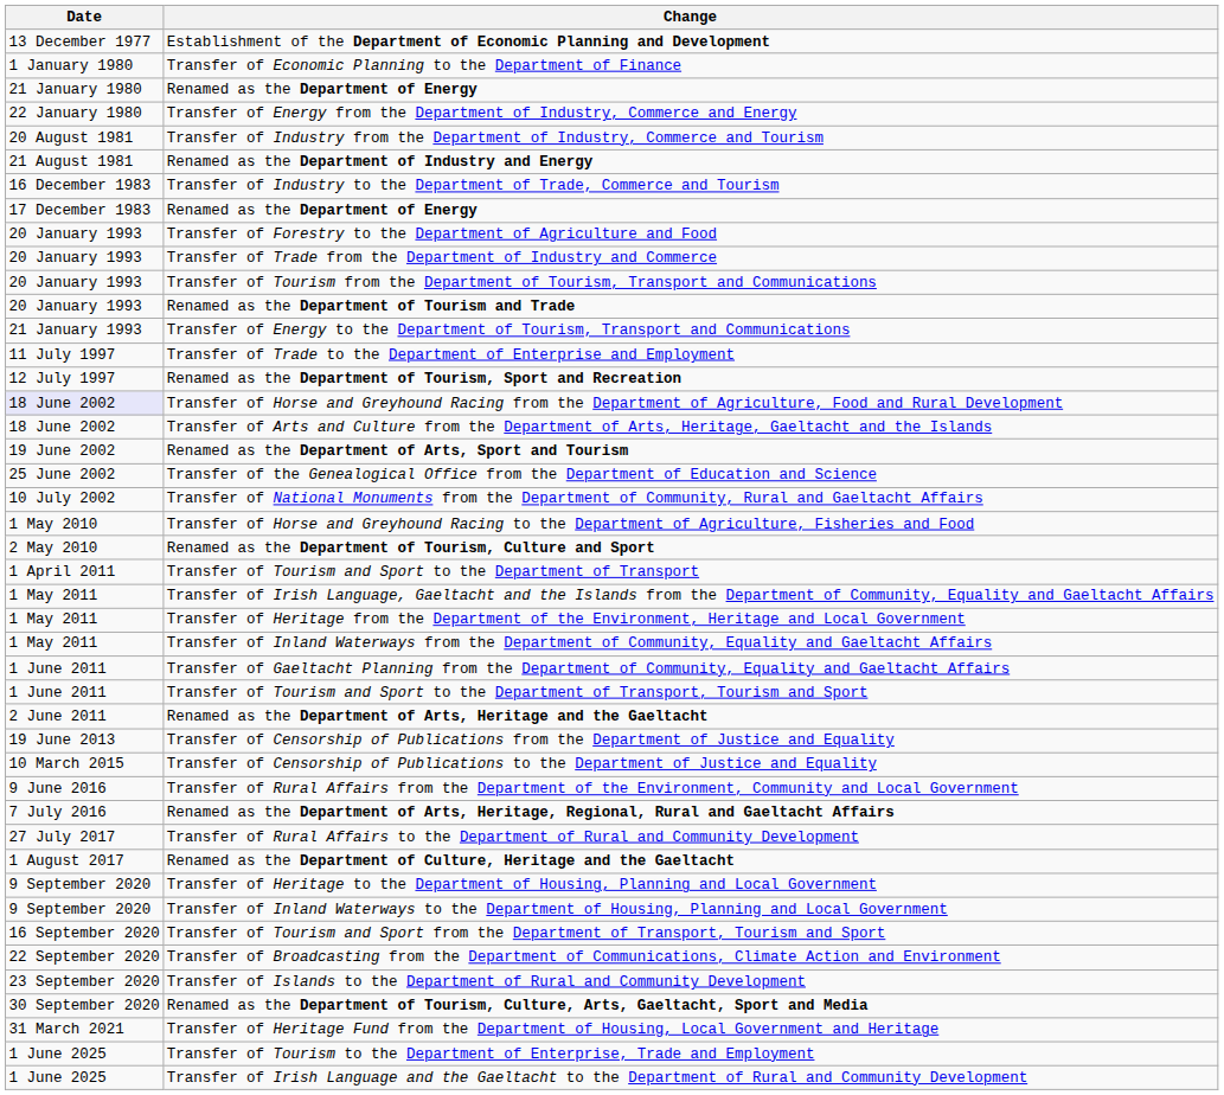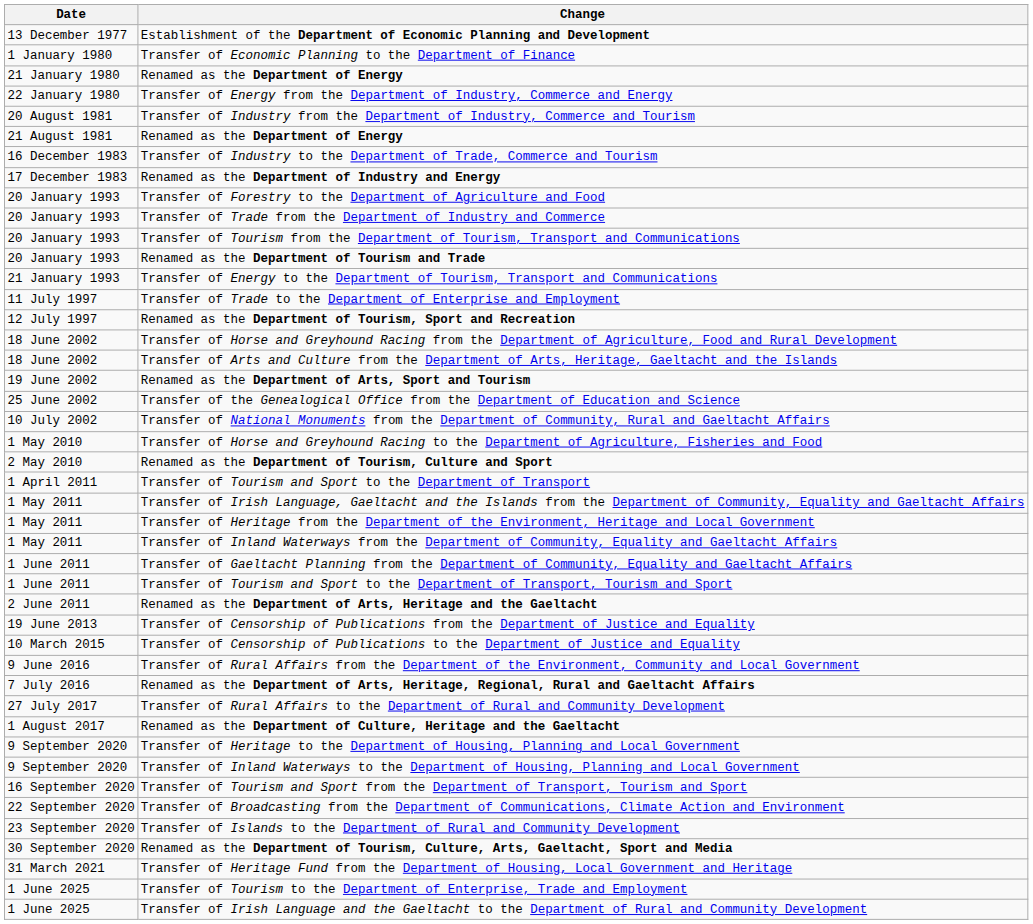 <table class="wikitable">
 <tr>
 <th>Date</th>
 <th>Change</th>
 </tr>
 <tr>
 <td>13 December 1977</td>
 <td>Establishment of the <strong>Department of Economic Planning and Development</strong></td>
 </tr>
 <tr>
 <td>1 January 1980</td>
 <td>Transfer of <em>Economic Planning</em> to the <a href='#'>Department of Finance</a></td>
 </tr>
 <tr>
 <td>21 January 1980</td>
 <td>Renamed as the <strong>Department of Energy</strong></td>
 </tr>
 <tr>
 <td>22 January 1980</td>
 <td>Transfer of <em>Energy</em> from the <a href='#'>Department of Industry, Commerce and Energy</a></td>
 </tr>
 <tr>
 <td>20 August 1981</td>
 <td>Transfer of <em>Industry</em> from the <a href='#'>Department of Industry, Commerce and Tourism</a></td>
 </tr>
 <tr>
 <td>21 August 1981</td>
-<td>Renamed as the <strong>Department of Industry and Energy</strong></td>
+<td>Renamed as the <strong>Department of Energy</strong></td>
 </tr>
 <tr>
 <td>16 December 1983</td>
 <td>Transfer of <em>Industry</em> to the <a href='#'>Department of Trade, Commerce and Tourism</a></td>
 </tr>
 <tr>
 <td>17 December 1983</td>
-<td>Renamed as the <strong>Department of Energy</strong></td>
+<td>Renamed as the <strong>Department of Industry and Energy</strong></td>
 </tr>
 <tr>
 <td>20 January 1993</td>
 <td>Transfer of <em>Forestry</em> to the <a href='#'>Department of Agriculture and Food</a></td>
 </tr>
 <tr>
 <td>20 January 1993</td>
 <td>Transfer of <em>Trade</em> from the <a href='#'>Department of Industry and Commerce</a></td>
 </tr>
 <tr>
 <td>20 January 1993</td>
 <td>Transfer of <em>Tourism</em> from the <a href='#'>Department of Tourism, Transport and Communications</a></td>
 </tr>
 <tr>
 <td>20 January 1993</td>
 <td>Renamed as the <strong>Department of Tourism and Trade</strong></td>
 </tr>
 <tr>
 <td>21 January 1993</td>
 <td>Transfer of <em>Energy</em> to the <a href='#'>Department of Tourism, Transport and Communications</a></td>
 </tr>
 <tr>
 <td>11 July 1997</td>
 <td>Transfer of <em>Trade</em> to the <a href='#'>Department of Enterprise and Employment</a></td>
 </tr>
 <tr>
 <td>12 July 1997</td>
 <td>Renamed as the <strong>Department of Tourism, Sport and Recreation</strong></td>
 </tr>
 <tr>
-<td style="background: lavender;">18 June 2002</td>
+<td>18 June 2002</td>
 <td>Transfer of <em>Horse and Greyhound Racing</em> from the <a href='#'>Department of Agriculture, Food and Rural Development</a></td>
 </tr>
 <tr>
 <td>18 June 2002</td>
 <td>Transfer of <em>Arts and Culture</em> from the <a href='#'>Department of Arts, Heritage, Gaeltacht and the Islands</a></td>
 </tr>
 <tr>
 <td>19 June 2002</td>
 <td>Renamed as the <strong>Department of Arts, Sport and Tourism</strong></td>
 </tr>
 <tr>
 <td>25 June 2002</td>
 <td>Transfer of the <em>Genealogical Office</em> from the <a href='#'>Department of Education and Science</a></td>
 </tr>
 <tr>
 <td>10 July 2002</td>
 <td>Transfer of <em><a href='#'>National Monuments</a></em> from the <a href='#'>Department of Community, Rural and Gaeltacht Affairs</a></td>
 </tr>
 <tr>
 <td>1 May 2010</td>
 <td>Transfer of <em>Horse and Greyhound Racing</em> to the <a href='#'>Department of Agriculture, Fisheries and Food</a></td>
 </tr>
 <tr>
 <td>2 May 2010</td>
 <td>Renamed as the <strong>Department of Tourism, Culture and Sport</strong></td>
 </tr>
 <tr>
 <td>1 April 2011</td>
 <td>Transfer of <em>Tourism and Sport</em> to the <a href='#'>Department of Transport</a></td>
 </tr>
 <tr>
 <td>1 May 2011</td>
 <td>Transfer of <em>Irish Language, Gaeltacht and the Islands</em> from the <a href='#'>Department of Community, Equality and Gaeltacht Affairs</a></td>
 </tr>
 <tr>
 <td>1 May 2011</td>
 <td>Transfer of <em>Heritage</em> from the <a href='#'>Department of the Environment, Heritage and Local Government</a></td>
 </tr>
 <tr>
 <td>1 May 2011</td>
 <td>Transfer of <em>Inland Waterways</em> from the <a href='#'>Department of Community, Equality and Gaeltacht Affairs</a></td>
 </tr>
 <tr>
 <td>1 June 2011</td>
 <td>Transfer of <em>Gaeltacht Planning</em> from the <a href='#'>Department of Community, Equality and Gaeltacht Affairs</a></td>
 </tr>
 <tr>
 <td>1 June 2011</td>
 <td>Transfer of <em>Tourism and Sport</em> to the <a href='#'>Department of Transport, Tourism and Sport</a></td>
 </tr>
 <tr>
 <td>2 June 2011</td>
 <td>Renamed as the <strong>Department of Arts, Heritage and the Gaeltacht</strong></td>
 </tr>
 <tr>
 <td>19 June 2013</td>
 <td>Transfer of <em>Censorship of Publications</em> from the <a href='#'>Department of Justice and Equality</a></td>
 </tr>
 <tr>
 <td>10 March 2015</td>
 <td>Transfer of <em>Censorship of Publications</em> to the <a href='#'>Department of Justice and Equality</a></td>
 </tr>
 <tr>
 <td>9 June 2016</td>
 <td>Transfer of <em>Rural Affairs</em> from the <a href='#'>Department of the Environment, Community and Local Government</a></td>
 </tr>
 <tr>
 <td>7 July 2016</td>
 <td>Renamed as the <strong>Department of Arts, Heritage, Regional, Rural and Gaeltacht Affairs</strong></td>
 </tr>
 <tr>
 <td>27 July 2017</td>
 <td>Transfer of <em>Rural Affairs</em> to the <a href='#'>Department of Rural and Community Development</a></td>
 </tr>
 <tr>
 <td>1 August 2017</td>
 <td>Renamed as the <strong>Department of Culture, Heritage and the Gaeltacht</strong></td>
 </tr>
 <tr>
 <td>9 September 2020</td>
 <td>Transfer of <em>Heritage</em> to the <a href='#'>Department of Housing, Planning and Local Government</a></td>
 </tr>
 <tr>
 <td>9 September 2020</td>
 <td>Transfer of <em>Inland Waterways</em> to the <a href='#'>Department of Housing, Planning and Local Government</a></td>
 </tr>
 <tr>
 <td>16 September 2020</td>
 <td>Transfer of <em>Tourism and Sport</em> from the <a href='#'>Department of Transport, Tourism and Sport</a></td>
 </tr>
 <tr>
 <td>22 September 2020</td>
 <td>Transfer of <em>Broadcasting</em> from the <a href='#'>Department of Communications, Climate Action and Environment</a></td>
 </tr>
 <tr>
 <td>23 September 2020</td>
 <td>Transfer of <em>Islands</em> to the <a href='#'>Department of Rural and Community Development</a></td>
 </tr>
 <tr>
 <td>30 September 2020</td>
 <td>Renamed as the <strong>Department of Tourism, Culture, Arts, Gaeltacht, Sport and Media</strong></td>
 </tr>
 <tr>
 <td>31 March 2021</td>
 <td>Transfer of <em>Heritage Fund</em> from the <a href='#'>Department of Housing, Local Government and Heritage</a></td>
 </tr>
 <tr>
 <td>1 June 2025</td>
 <td>Transfer of <em>Tourism</em> to the <a href='#'>Department of Enterprise, Trade and Employment</a></td>
 </tr>
 <tr>
 <td>1 June 2025</td>
 <td>Transfer of <em>Irish Language and the Gaeltacht</em> to the <a href='#'>Department of Rural and Community Development</a></td>
 </tr>
 </table>
